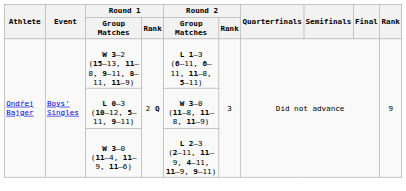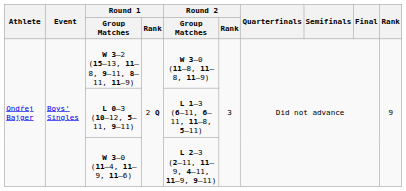 <table class="wikitable" border="1" style="font-size:90%">
 <tr>
 <th rowspan=2>Athlete</th>
 <th rowspan=2>Event</th>
 <th colspan=2>Round 1</th>
 <th colspan=2>Round 2</th>
 <th rowspan=2>Quarterfinals</th>
 <th rowspan=2>Semifinals</th>
 <th rowspan=2>Final</th>
 <th rowspan=2>Rank</th>
 </tr>
 <tr>
 <th>Group Matches</th>
 <th>Rank</th>
 <th>Group Matches</th>
 <th>Rank</th>
 </tr>
 <tr>
 <td rowspan=3><a href='#'>Ondřej Bajger</a></td>
 <td rowspan=3><a href='#'>Boys' Singles</a></td>
 <td align=center> <br> <strong>W</strong> <strong>3</strong>–2 <br> (<strong>15</strong>–13, <strong>11</strong>–8, <strong>9</strong>–11, <strong>8</strong>–11, <strong>11</strong>–9)</td>
 <td rowspan=3 align=center>2 <strong>Q</strong></td>
-<td align=center> <br> <strong>L</strong> <strong>1</strong>–3 <br> (<strong>6</strong>–11, <strong>6</strong>–11, <strong>11</strong>–8, <strong>5</strong>–11)</td>
+<td align=center> <br> <strong>W</strong> <strong>3</strong>–0 <br> (<strong>11</strong>–8, <strong>11</strong>–8, <strong>11</strong>–9)</td>
 <td rowspan=3 align=center>3</td>
 <td rowspan=3 colspan=3 align=center>Did not advance</td>
 <td rowspan=3 align=center>9</td>
 </tr>
 <tr>
 <td align=center> <br> <strong>L</strong> <strong>0</strong>–3 <br> (<strong>10</strong>–12, <strong>5</strong>–11, <strong>9</strong>–11)</td>
-<td align=center> <br> <strong>W</strong> <strong>3</strong>–0 <br> (<strong>11</strong>–8, <strong>11</strong>–8, <strong>11</strong>–9)</td>
+<td align=center> <br> <strong>L</strong> <strong>1</strong>–3 <br> (<strong>6</strong>–11, <strong>6</strong>–11, <strong>11</strong>–8, <strong>5</strong>–11)</td>
 </tr>
 <tr>
 <td align=center> <br> <strong>W</strong> <strong>3</strong>–0 <br> (<strong>11</strong>–4, <strong>11</strong>–9, <strong>11</strong>–6)</td>
 <td align=center> <br> <strong>L</strong> <strong>2</strong>–3 <br> (<strong>2</strong>–11, <strong>11</strong>–9, <strong>4</strong>–11, <strong>11</strong>–9, <strong>9</strong>–11)</td>
 </tr>
 </table>
